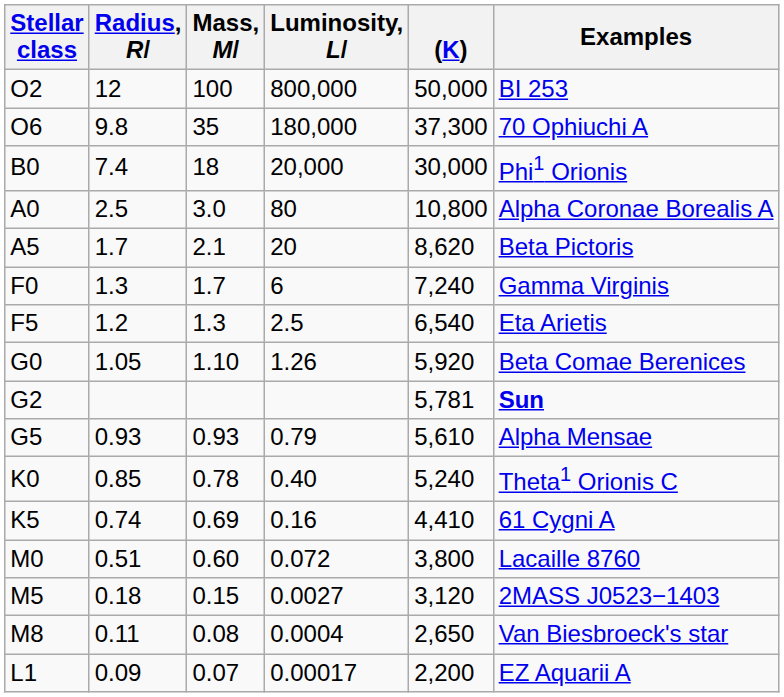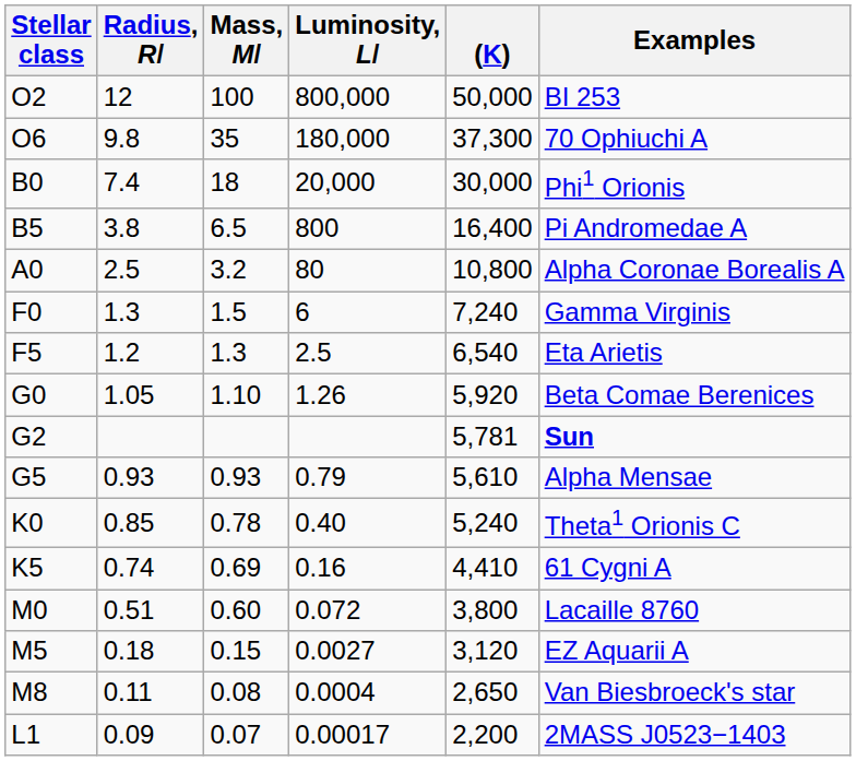 <table class="wikitable">
 <tr>
 <th><a href='#'>Stellar <br>class</a></th>
 <th><a href='#'>Radius</a>, <br><em>R</em>/</th>
 <th>Mass, <br><em>M</em>/</th>
 <th>Luminosity, <br><em>L</em>/</th>
 <th> <br>(<a href='#'>K</a>)</th>
 <th>Examples</th>
 </tr>
 <tr>
 <td>O2</td>
 <td>12</td>
 <td>100</td>
 <td>800,000</td>
 <td class="mw-no-invert" style="background-color:#">50,000</td>
 <td style="text-align: left;"><a href='#'>BI 253</a></td>
 </tr>
 <tr>
 <td>O6</td>
 <td>9.8</td>
 <td>35</td>
 <td>180,000</td>
 <td class="mw-no-invert" style="background-color:#">37,300</td>
 <td style="text-align:left;"><a href='#'>70 Ophiuchi A</a></td>
 </tr>
 <tr>
 <td>B0</td>
 <td>7.4</td>
 <td>18</td>
 <td>20,000</td>
 <td class="mw-no-invert" style="background-color:#">30,000</td>
 <td style="text-align:left;"><a href='#'>Phi<sup>1</sup> Orionis</a></td>
 </tr>
 <tr>
+<td>B5</td>
+<td>3.8</td>
+<td>6.5</td>
+<td>800</td>
+<td class="mw-no-invert" style="background-color:#">16,400</td>
+<td style="text-align:left;"><a href='#'>Pi Andromedae A</a></td>
+</tr>
+<tr>
 <td>A0</td>
 <td>2.5</td>
-<td>3.0</td>
+<td>3.2</td>
 <td>80</td>
 <td class="mw-no-invert" style="background-color:#">10,800</td>
 <td style="text-align:left;"><a href='#'>Alpha Coronae Borealis A</a></td>
 </tr>
 <tr>
-<td>A5</td>
-<td>1.7</td>
-<td>2.1</td>
-<td>20</td>
-<td class="mw-no-invert" style="background-color:#">8,620</td>
-<td style="text-align:left;"><a href='#'>Beta Pictoris</a></td>
-</tr>
-<tr>
 <td>F0</td>
 <td>1.3</td>
-<td>1.7</td>
+<td>1.5</td>
 <td>6</td>
 <td class="mw-no-invert" style="background-color:#">7,240</td>
 <td style="text-align:left;"><a href='#'>Gamma Virginis</a></td>
 </tr>
 <tr>
 <td>F5</td>
 <td>1.2</td>
 <td>1.3</td>
 <td>2.5</td>
 <td class="mw-no-invert" style="background-color:#">6,540</td>
 <td style="text-align:left;"><a href='#'>Eta Arietis</a></td>
 </tr>
 <tr>
 <td>G0</td>
 <td>1.05</td>
 <td>1.10</td>
 <td>1.26</td>
 <td class="mw-no-invert" style="background-color:#">5,920</td>
 <td style="text-align:left;"><a href='#'>Beta Comae Berenices</a></td>
 </tr>
 <tr>
 <td>G2</td>
 <td></td>
 <td></td>
 <td></td>
 <td class="mw-no-invert" style="background-color:#">5,781</td>
 <td style="text-align:left;"><strong><a href='#'>Sun</a></strong></td>
 </tr>
 <tr>
 <td>G5</td>
 <td>0.93</td>
 <td>0.93</td>
 <td>0.79</td>
 <td class="mw-no-invert" style="background-color:#">5,610</td>
 <td style="text-align:left;"><a href='#'>Alpha Mensae</a></td>
 </tr>
 <tr>
 <td>K0</td>
 <td>0.85</td>
 <td>0.78</td>
 <td>0.40</td>
 <td class="mw-no-invert" style="background-color:#">5,240</td>
 <td style="text-align:left;"><a href='#'>Theta<sup>1</sup> Orionis C</a></td>
 </tr>
 <tr>
 <td>K5</td>
 <td>0.74</td>
 <td>0.69</td>
 <td>0.16</td>
 <td class="mw-no-invert" style="background-color:#">4,410</td>
 <td style="text-align:left;"><a href='#'>61 Cygni A</a></td>
 </tr>
 <tr>
 <td>M0</td>
 <td>0.51</td>
 <td>0.60</td>
 <td>0.072</td>
 <td class="mw-no-invert" style="background-color:#">3,800</td>
 <td style="text-align:left;"><a href='#'>Lacaille 8760</a></td>
 </tr>
 <tr>
 <td>M5</td>
 <td>0.18</td>
 <td>0.15</td>
 <td>0.0027</td>
 <td class="mw-no-invert" style="background-color:#">3,120</td>
-<td style="text-align:left;"><a href='#'>2MASS J0523−1403</a></td>
+<td style="text-align:left;"><a href='#'>EZ Aquarii A</a></td>
 </tr>
 <tr>
 <td>M8</td>
 <td>0.11</td>
 <td>0.08</td>
 <td>0.0004</td>
 <td class="mw-no-invert" style="background-color:#">2,650</td>
 <td style="text-align:left;"><a href='#'>Van Biesbroeck's star</a></td>
 </tr>
 <tr>
 <td>L1</td>
 <td>0.09</td>
 <td>0.07</td>
 <td>0.00017</td>
 <td class="mw-no-invert" style="background-color:#">2,200</td>
-<td style="text-align:left;"><a href='#'>EZ Aquarii A</a></td>
+<td style="text-align:left;"><a href='#'>2MASS J0523−1403</a></td>
 </tr>
 </table>
